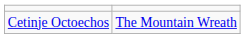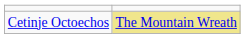 <table class="wikitable" style="text-align:left; float:right; margin-right:9px; margin-left:2px;">
 <tr>
 <td style="text-align:center;"></td>
 <td style="text-align:center;"></td>
 </tr>
 <tr>
 <td style="text-align:center;"><a href='#'>Cetinje Octoechos</a></td>
-<td style="text-align:center;"><a href='#'>The Mountain Wreath</a></td>
+<td style="background: khaki; text-align:center;"><a href='#'>The Mountain Wreath</a></td>
 </tr>
 </table>
